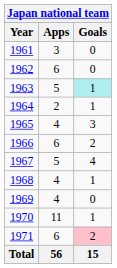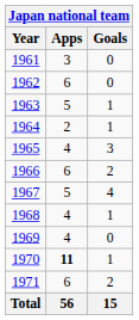 <table class="wikitable" style="text-align:center">
 <tr>
 <th colspan=3><a href='#'>Japan national team</a></th>
 </tr>
 <tr>
 <th>Year</th>
 <th>Apps</th>
 <th>Goals</th>
 </tr>
 <tr>
 <td><a href='#'>1961</a></td>
 <td>3</td>
 <td>0</td>
 </tr>
 <tr>
 <td><a href='#'>1962</a></td>
 <td>6</td>
 <td>0</td>
 </tr>
 <tr>
 <td><a href='#'>1963</a></td>
 <td>5</td>
-<td style="background: paleturquoise;">1</td>
+<td>1</td>
 </tr>
 <tr>
 <td><a href='#'>1964</a></td>
 <td>2</td>
 <td>1</td>
 </tr>
 <tr>
 <td><a href='#'>1965</a></td>
 <td>4</td>
 <td>3</td>
 </tr>
 <tr>
 <td><a href='#'>1966</a></td>
 <td>6</td>
 <td>2</td>
 </tr>
 <tr>
 <td><a href='#'>1967</a></td>
 <td>5</td>
 <td>4</td>
 </tr>
 <tr>
 <td><a href='#'>1968</a></td>
 <td>4</td>
 <td>1</td>
 </tr>
 <tr>
 <td><a href='#'>1969</a></td>
 <td>4</td>
 <td>0</td>
 </tr>
 <tr>
 <td><a href='#'>1970</a></td>
-<td>11</td>
+<td><strong>11</strong></td>
 <td>1</td>
 </tr>
 <tr>
 <td><a href='#'>1971</a></td>
 <td>6</td>
-<td style="background: pink;">2</td>
+<td>2</td>
 </tr>
 <tr>
 <th>Total</th>
 <th>56</th>
 <th>15</th>
 </tr>
 </table>
